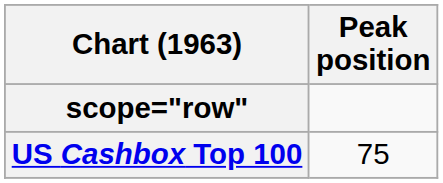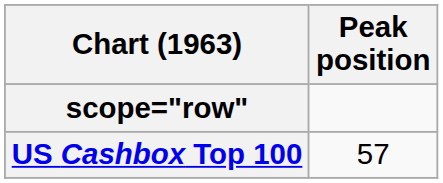 <table class="wikitable sortable plainrowheaders">
 <tr>
 <th scope="col">Chart (1963)</th>
 <th scope="col">Peak<br>position</th>
 </tr>
 <tr>
 <th>scope="row" </th>
 </tr>
 <tr>
 <th scope="row"><a href='#'>US <em>Cashbox</em> Top 100</a></th>
-<td style="text-align:center;">75</td>
+<td style="text-align:center;">57</td>
 </tr>
 </table>
